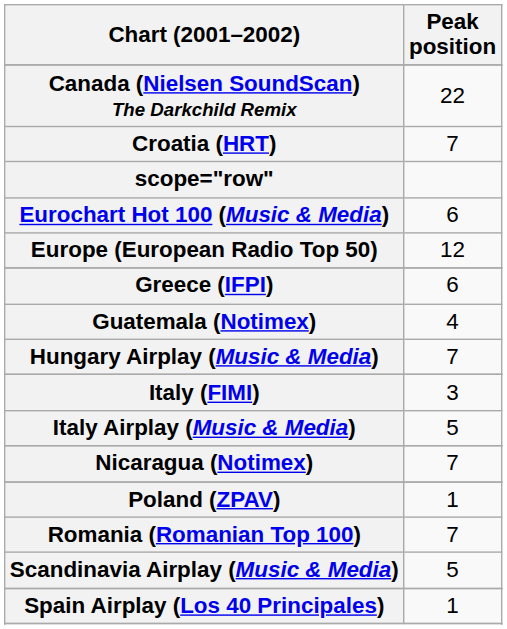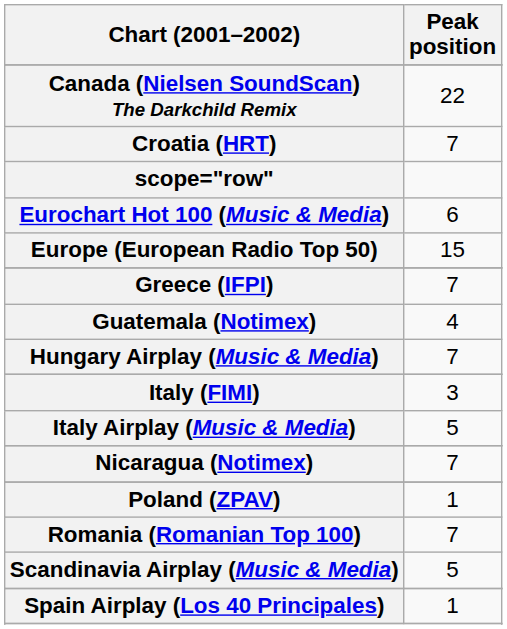 <table class="wikitable sortable plainrowheaders" style="text-align:center">
 <tr>
 <th scope="col">Chart (2001–2002)</th>
 <th scope="col">Peak<br>position</th>
 </tr>
 <tr>
 </tr>
 <tr>
 </tr>
 <tr>
 </tr>
 <tr>
 <th scope="row">Canada (<a href='#'>Nielsen SoundScan</a>)<br><small><em>The Darkchild Remix</em></small></th>
 <td>22</td>
 </tr>
 <tr>
 <th scope="row">Croatia (<a href='#'>HRT</a>)</th>
 <td>7</td>
 </tr>
 <tr>
 <th>scope="row"</th>
 </tr>
 <tr>
 <th scope="row"><a href='#'>Eurochart Hot 100</a> (<em><a href='#'>Music & Media</a></em>)</th>
 <td>6</td>
 </tr>
 <tr>
 <th scope="row">Europe (European Radio Top 50)</th>
-<td>12</td>
+<td>15</td>
 </tr>
 <tr>
 </tr>
 <tr>
 </tr>
 <tr>
 <th scope="row">Greece (<a href='#'>IFPI</a>)</th>
-<td>6</td>
+<td>7</td>
 </tr>
 <tr>
 <th scope="row">Guatemala (<a href='#'>Notimex</a>)</th>
 <td>4</td>
 </tr>
 <tr>
 <th scope="row">Hungary Airplay (<em><a href='#'>Music & Media</a></em>)</th>
 <td>7</td>
 </tr>
 <tr>
 </tr>
 <tr>
 <th scope="row">Italy (<a href='#'>FIMI</a>)</th>
 <td>3</td>
 </tr>
 <tr>
 <th scope="row">Italy Airplay (<em><a href='#'>Music & Media</a></em>)</th>
 <td>5</td>
 </tr>
 <tr>
 </tr>
 <tr>
 </tr>
 <tr>
 <th scope="row">Nicaragua (<a href='#'>Notimex</a>)</th>
 <td>7</td>
 </tr>
 <tr>
 </tr>
 <tr>
 <th scope="row">Poland (<a href='#'>ZPAV</a>)</th>
 <td>1</td>
 </tr>
 <tr>
 <th scope="row">Romania (<a href='#'>Romanian Top 100</a>)</th>
 <td>7</td>
 </tr>
 <tr>
 <th scope="row">Scandinavia Airplay (<em><a href='#'>Music & Media</a></em>)</th>
 <td>5</td>
 </tr>
 <tr>
 </tr>
 <tr>
 </tr>
 <tr>
 <th scope="row">Spain Airplay (<a href='#'>Los 40 Principales</a>)</th>
 <td>1</td>
 </tr>
 <tr>
 </tr>
 <tr>
 </tr>
 <tr>
 </tr>
 <tr>
 </tr>
 <tr>
 </tr>
 </table>
